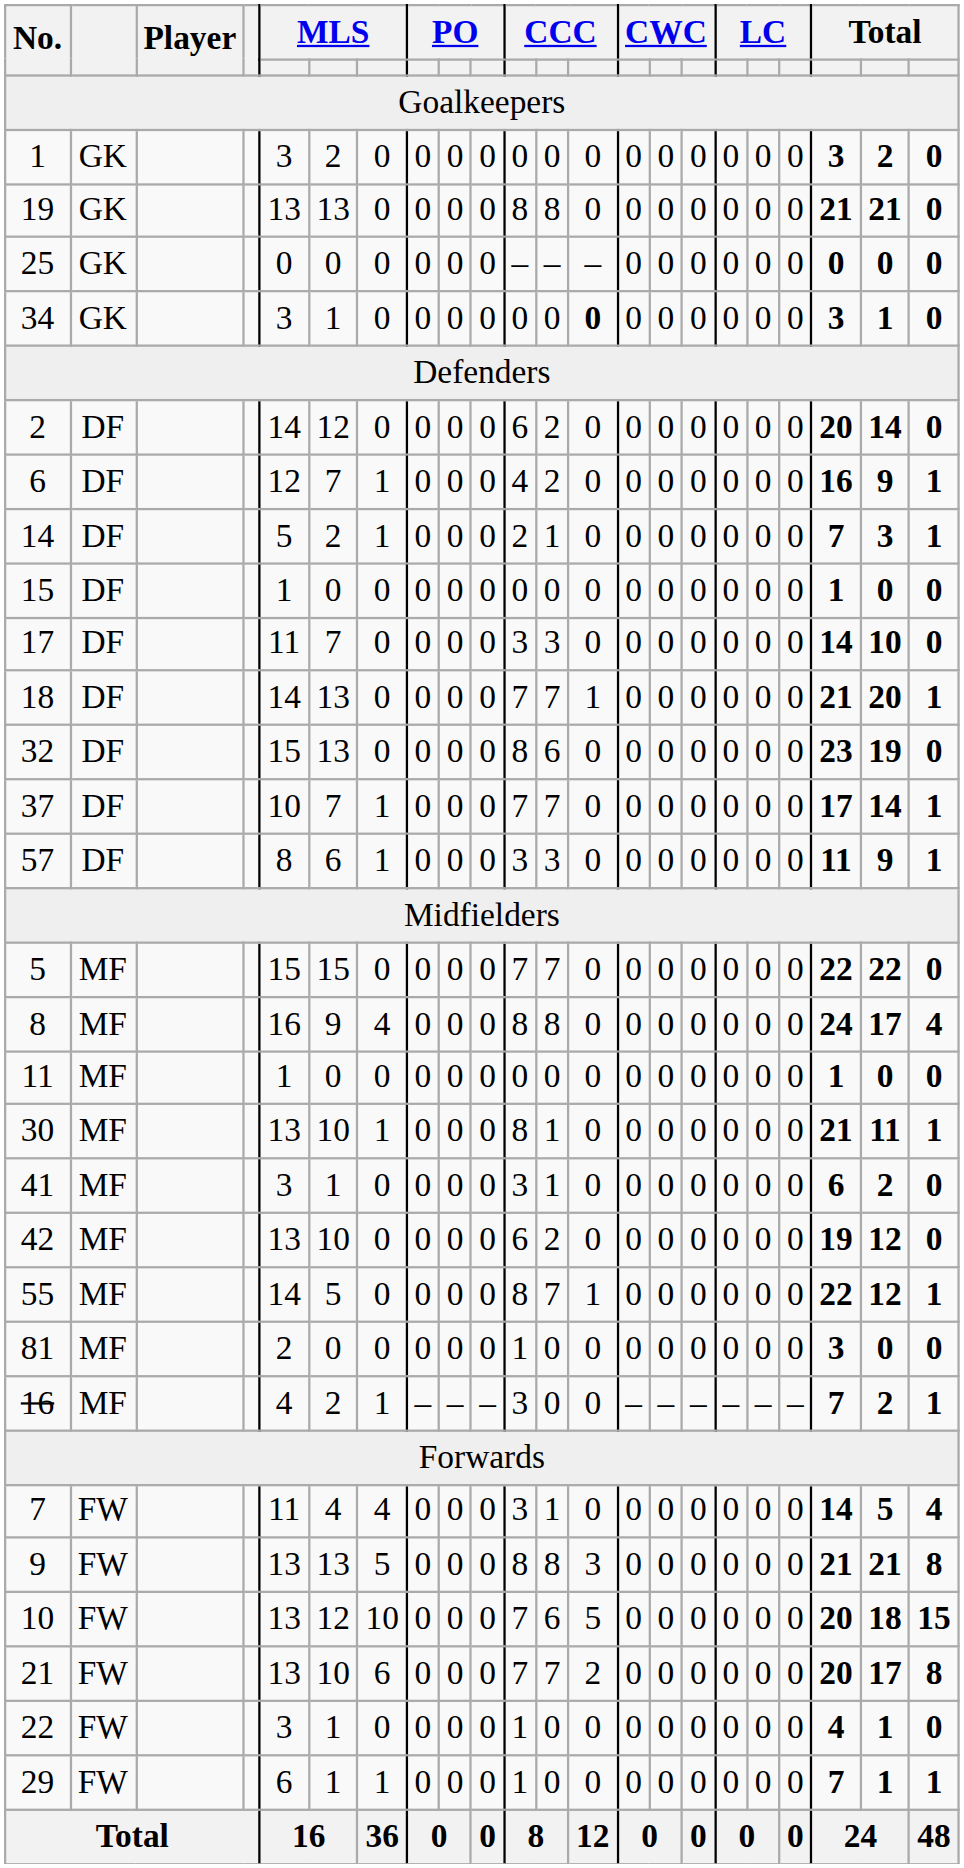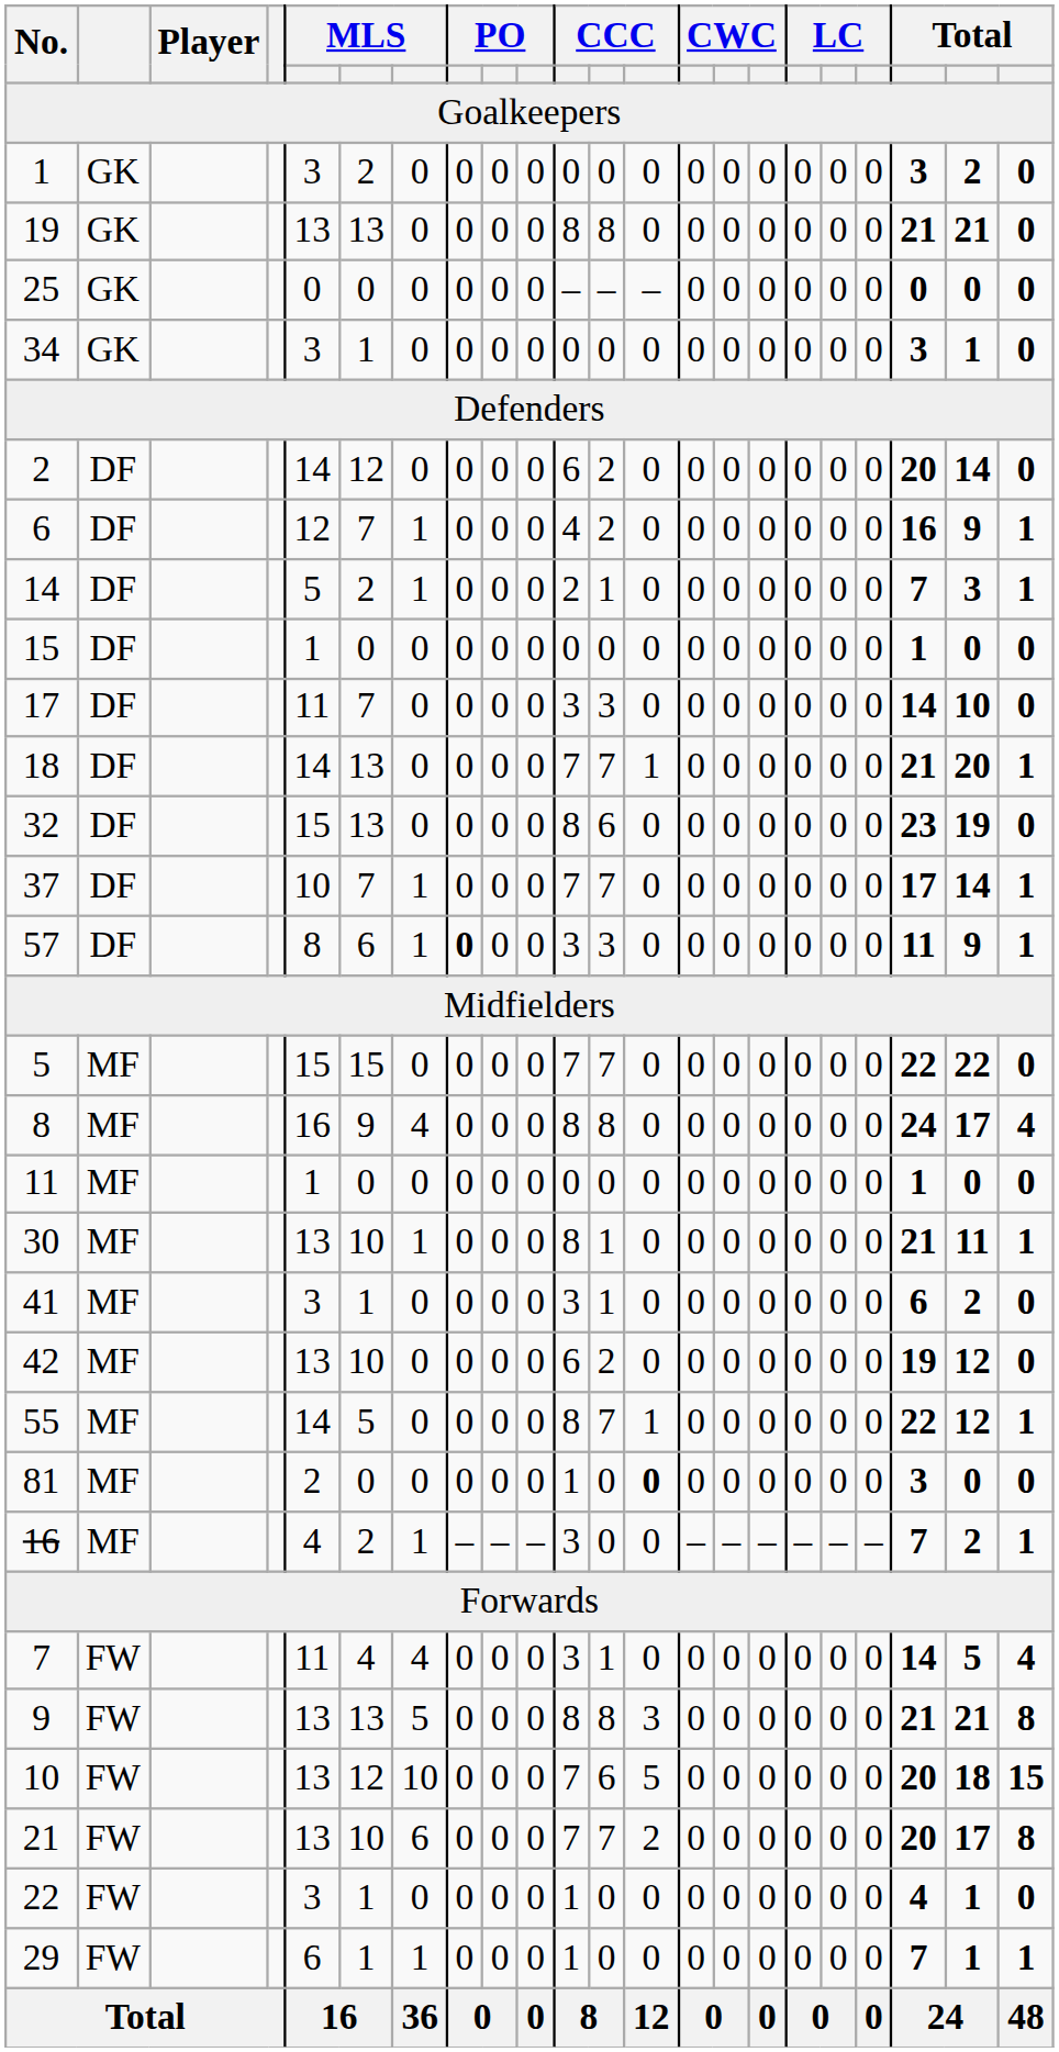 <table class="wikitable mw-datatable sortable nowrap" style="text-align:center; font-size:92%;">
 <tr>
 <th rowspan="2">No.</th>
 <th rowspan="2"></th>
 <th rowspan="2">Player</th>
 <th rowspan="2" style="border-right: 1pt black solid"></th>
 <th colspan="3" style="border-right: 1pt black solid"><a href='#'>MLS</a></th>
 <th colspan="3" style="border-right: 1pt black solid"><a href='#'>PO</a></th>
 <th colspan="3" style="border-right: 1pt black solid"><a href='#'>CCC</a></th>
 <th colspan="3" style="border-right: 1pt black solid"><a href='#'>CWC</a></th>
 <th colspan="3" style="border-right: 1pt black solid"><a href='#'>LC</a></th>
 <th colspan="3">Total</th>
 </tr>
 <tr>
 <th></th>
 <th></th>
 <th style="border-right: 1pt black solid"></th>
 <th></th>
 <th></th>
 <th style="border-right: 1pt black solid"></th>
 <th></th>
 <th></th>
 <th style="border-right: 1pt black solid"></th>
 <th></th>
 <th></th>
 <th style="border-right: 1pt black solid"></th>
 <th></th>
 <th></th>
 <th style="border-right: 1pt black solid"></th>
 <th></th>
 <th></th>
 <th></th>
 </tr>
 <tr bgcolor=efefef class="sortbottom">
 <td colspan="22">Goalkeepers</td>
 </tr>
 <tr>
 <td>1</td>
 <td>GK</td>
 <td style="text-align:left"></td>
 <td style="border-right: 1pt black solid"></td>
 <td>3</td>
 <td>2</td>
 <td style="border-right: 1pt black solid">0</td>
 <td>0</td>
 <td>0</td>
 <td style="border-right: 1pt black solid">0</td>
 <td>0</td>
 <td>0</td>
 <td style="border-right: 1pt black solid">0</td>
 <td>0</td>
 <td>0</td>
 <td style="border-right: 1pt black solid">0</td>
 <td>0</td>
 <td>0</td>
 <td style="border-right: 1pt black solid">0</td>
 <td><strong>3</strong></td>
 <td><strong>2</strong></td>
 <td><strong>0</strong></td>
 </tr>
 <tr>
 <td>19</td>
 <td>GK</td>
 <td style="text-align:left"></td>
 <td style="border-right: 1pt black solid"></td>
 <td>13</td>
 <td>13</td>
 <td style="border-right: 1pt black solid">0</td>
 <td>0</td>
 <td>0</td>
 <td style="border-right: 1pt black solid">0</td>
 <td>8</td>
 <td>8</td>
 <td style="border-right: 1pt black solid">0</td>
 <td>0</td>
 <td>0</td>
 <td style="border-right: 1pt black solid">0</td>
 <td>0</td>
 <td>0</td>
 <td style="border-right: 1pt black solid">0</td>
 <td><strong>21</strong></td>
 <td><strong>21</strong></td>
 <td><strong>0</strong></td>
 </tr>
 <tr>
 <td>25</td>
 <td>GK</td>
 <td style="text-align:left"></td>
 <td style="border-right: 1pt black solid"></td>
 <td>0</td>
 <td>0</td>
 <td style="border-right: 1pt black solid">0</td>
 <td>0</td>
 <td>0</td>
 <td style="border-right: 1pt black solid">0</td>
 <td>–</td>
 <td>–</td>
 <td style="border-right: 1pt black solid">–</td>
 <td>0</td>
 <td>0</td>
 <td style="border-right: 1pt black solid">0</td>
 <td>0</td>
 <td>0</td>
 <td style="border-right: 1pt black solid">0</td>
 <td><strong>0</strong></td>
 <td><strong>0</strong></td>
 <td><strong>0</strong></td>
 </tr>
 <tr>
 <td>34</td>
 <td>GK</td>
 <td style="text-align:left"></td>
 <td style="border-right: 1pt black solid"></td>
 <td>3</td>
 <td>1</td>
 <td style="border-right: 1pt black solid">0</td>
 <td>0</td>
 <td>0</td>
 <td style="border-right: 1pt black solid">0</td>
 <td>0</td>
 <td>0</td>
-<td style="border-right: 1pt black solid"><strong>0</strong></td>
+<td style="border-right: 1pt black solid">0</td>
 <td>0</td>
 <td>0</td>
 <td style="border-right: 1pt black solid">0</td>
 <td>0</td>
 <td>0</td>
 <td style="border-right: 1pt black solid">0</td>
 <td><strong>3</strong></td>
 <td><strong>1</strong></td>
 <td><strong>0</strong></td>
 </tr>
 <tr bgcolor=efefef class="sortbottom">
 <td colspan="22">Defenders</td>
 </tr>
 <tr>
 <td>2</td>
 <td>DF</td>
 <td style="text-align:left"></td>
 <td style="border-right: 1pt black solid"></td>
 <td>14</td>
 <td>12</td>
 <td style="border-right: 1pt black solid">0</td>
 <td>0</td>
 <td>0</td>
 <td style="border-right: 1pt black solid">0</td>
 <td>6</td>
 <td>2</td>
 <td style="border-right: 1pt black solid">0</td>
 <td>0</td>
 <td>0</td>
 <td style="border-right: 1pt black solid">0</td>
 <td>0</td>
 <td>0</td>
 <td style="border-right: 1pt black solid">0</td>
 <td><strong>20</strong></td>
 <td><strong>14</strong></td>
 <td><strong>0</strong></td>
 </tr>
 <tr>
 <td>6</td>
 <td>DF</td>
 <td style="text-align:left"></td>
 <td style="border-right: 1pt black solid"></td>
 <td>12</td>
 <td>7</td>
 <td style="border-right: 1pt black solid">1</td>
 <td>0</td>
 <td>0</td>
 <td style="border-right: 1pt black solid">0</td>
 <td>4</td>
 <td>2</td>
 <td style="border-right: 1pt black solid">0</td>
 <td>0</td>
 <td>0</td>
 <td style="border-right: 1pt black solid">0</td>
 <td>0</td>
 <td>0</td>
 <td style="border-right: 1pt black solid">0</td>
 <td><strong>16</strong></td>
 <td><strong>9</strong></td>
 <td><strong>1</strong></td>
 </tr>
 <tr>
 <td>14</td>
 <td>DF</td>
 <td style="text-align:left"></td>
 <td style="border-right: 1pt black solid"></td>
 <td>5</td>
 <td>2</td>
 <td style="border-right: 1pt black solid">1</td>
 <td>0</td>
 <td>0</td>
 <td style="border-right: 1pt black solid">0</td>
 <td>2</td>
 <td>1</td>
 <td style="border-right: 1pt black solid">0</td>
 <td>0</td>
 <td>0</td>
 <td style="border-right: 1pt black solid">0</td>
 <td>0</td>
 <td>0</td>
 <td style="border-right: 1pt black solid">0</td>
 <td><strong>7</strong></td>
 <td><strong>3</strong></td>
 <td><strong>1</strong></td>
 </tr>
 <tr>
 <td>15</td>
 <td>DF</td>
 <td style="text-align:left"></td>
 <td style="border-right: 1pt black solid"></td>
 <td>1</td>
 <td>0</td>
 <td style="border-right: 1pt black solid">0</td>
 <td>0</td>
 <td>0</td>
 <td style="border-right: 1pt black solid">0</td>
 <td>0</td>
 <td>0</td>
 <td style="border-right: 1pt black solid">0</td>
 <td>0</td>
 <td>0</td>
 <td style="border-right: 1pt black solid">0</td>
 <td>0</td>
 <td>0</td>
 <td style="border-right: 1pt black solid">0</td>
 <td><strong>1</strong></td>
 <td><strong>0</strong></td>
 <td><strong>0</strong></td>
 </tr>
 <tr>
 <td>17</td>
 <td>DF</td>
 <td style="text-align:left"></td>
 <td style="border-right: 1pt black solid"></td>
 <td>11</td>
 <td>7</td>
 <td style="border-right: 1pt black solid">0</td>
 <td>0</td>
 <td>0</td>
 <td style="border-right: 1pt black solid">0</td>
 <td>3</td>
 <td>3</td>
 <td style="border-right: 1pt black solid">0</td>
 <td>0</td>
 <td>0</td>
 <td style="border-right: 1pt black solid">0</td>
 <td>0</td>
 <td>0</td>
 <td style="border-right: 1pt black solid">0</td>
 <td><strong>14</strong></td>
 <td><strong>10</strong></td>
 <td><strong>0</strong></td>
 </tr>
 <tr>
 <td>18</td>
 <td>DF</td>
 <td style="text-align:left"></td>
 <td style="border-right: 1pt black solid"></td>
 <td>14</td>
 <td>13</td>
 <td style="border-right: 1pt black solid">0</td>
 <td>0</td>
 <td>0</td>
 <td style="border-right: 1pt black solid">0</td>
 <td>7</td>
 <td>7</td>
 <td style="border-right: 1pt black solid">1</td>
 <td>0</td>
 <td>0</td>
 <td style="border-right: 1pt black solid">0</td>
 <td>0</td>
 <td>0</td>
 <td style="border-right: 1pt black solid">0</td>
 <td><strong>21</strong></td>
 <td><strong>20</strong></td>
 <td><strong>1</strong></td>
 </tr>
 <tr>
 <td>32</td>
 <td>DF</td>
 <td style="text-align:left"></td>
 <td style="border-right: 1pt black solid"></td>
 <td>15</td>
 <td>13</td>
 <td style="border-right: 1pt black solid">0</td>
 <td>0</td>
 <td>0</td>
 <td style="border-right: 1pt black solid">0</td>
 <td>8</td>
 <td>6</td>
 <td style="border-right: 1pt black solid">0</td>
 <td>0</td>
 <td>0</td>
 <td style="border-right: 1pt black solid">0</td>
 <td>0</td>
 <td>0</td>
 <td style="border-right: 1pt black solid">0</td>
 <td><strong>23</strong></td>
 <td><strong>19</strong></td>
 <td><strong>0</strong></td>
 </tr>
 <tr>
 <td>37</td>
 <td>DF</td>
 <td style="text-align:left"></td>
 <td style="border-right: 1pt black solid"></td>
 <td>10</td>
 <td>7</td>
 <td style="border-right: 1pt black solid">1</td>
 <td>0</td>
 <td>0</td>
 <td style="border-right: 1pt black solid">0</td>
 <td>7</td>
 <td>7</td>
 <td style="border-right: 1pt black solid">0</td>
 <td>0</td>
 <td>0</td>
 <td style="border-right: 1pt black solid">0</td>
 <td>0</td>
 <td>0</td>
 <td style="border-right: 1pt black solid">0</td>
 <td><strong>17</strong></td>
 <td><strong>14</strong></td>
 <td><strong>1</strong></td>
 </tr>
 <tr>
 <td>57</td>
 <td>DF</td>
 <td style="text-align:left"></td>
 <td style="border-right: 1pt black solid"></td>
 <td>8</td>
 <td>6</td>
 <td style="border-right: 1pt black solid">1</td>
-<td>0</td>
+<td><strong>0</strong></td>
 <td>0</td>
 <td style="border-right: 1pt black solid">0</td>
 <td>3</td>
 <td>3</td>
 <td style="border-right: 1pt black solid">0</td>
 <td>0</td>
 <td>0</td>
 <td style="border-right: 1pt black solid">0</td>
 <td>0</td>
 <td>0</td>
 <td style="border-right: 1pt black solid">0</td>
 <td><strong>11</strong></td>
 <td><strong>9</strong></td>
 <td><strong>1</strong></td>
 </tr>
 <tr bgcolor=efefef class="sortbottom">
 <td colspan="22">Midfielders</td>
 </tr>
 <tr>
 <td>5</td>
 <td>MF</td>
 <td style="text-align:left"></td>
 <td style="border-right: 1pt black solid"></td>
 <td>15</td>
 <td>15</td>
 <td style="border-right: 1pt black solid">0</td>
 <td>0</td>
 <td>0</td>
 <td style="border-right: 1pt black solid">0</td>
 <td>7</td>
 <td>7</td>
 <td style="border-right: 1pt black solid">0</td>
 <td>0</td>
 <td>0</td>
 <td style="border-right: 1pt black solid">0</td>
 <td>0</td>
 <td>0</td>
 <td style="border-right: 1pt black solid">0</td>
 <td><strong>22</strong></td>
 <td><strong>22</strong></td>
 <td><strong>0</strong></td>
 </tr>
 <tr>
 <td>8</td>
 <td>MF</td>
 <td style="text-align:left"></td>
 <td style="border-right: 1pt black solid"></td>
 <td>16</td>
 <td>9</td>
 <td style="border-right: 1pt black solid">4</td>
 <td>0</td>
 <td>0</td>
 <td style="border-right: 1pt black solid">0</td>
 <td>8</td>
 <td>8</td>
 <td style="border-right: 1pt black solid">0</td>
 <td>0</td>
 <td>0</td>
 <td style="border-right: 1pt black solid">0</td>
 <td>0</td>
 <td>0</td>
 <td style="border-right: 1pt black solid">0</td>
 <td><strong>24</strong></td>
 <td><strong>17</strong></td>
 <td><strong>4</strong></td>
 </tr>
 <tr>
 <td>11</td>
 <td>MF</td>
 <td style="text-align:left"></td>
 <td style="border-right: 1pt black solid"></td>
 <td>1</td>
 <td>0</td>
 <td style="border-right: 1pt black solid">0</td>
 <td>0</td>
 <td>0</td>
 <td style="border-right: 1pt black solid">0</td>
 <td>0</td>
 <td>0</td>
 <td style="border-right: 1pt black solid">0</td>
 <td>0</td>
 <td>0</td>
 <td style="border-right: 1pt black solid">0</td>
 <td>0</td>
 <td>0</td>
 <td style="border-right: 1pt black solid">0</td>
 <td><strong>1</strong></td>
 <td><strong>0</strong></td>
 <td><strong>0</strong></td>
 </tr>
 <tr>
 <td>30</td>
 <td>MF</td>
 <td style="text-align:left"></td>
 <td style="border-right: 1pt black solid"></td>
 <td>13</td>
 <td>10</td>
 <td style="border-right: 1pt black solid">1</td>
 <td>0</td>
 <td>0</td>
 <td style="border-right: 1pt black solid">0</td>
 <td>8</td>
 <td>1</td>
 <td style="border-right: 1pt black solid">0</td>
 <td>0</td>
 <td>0</td>
 <td style="border-right: 1pt black solid">0</td>
 <td>0</td>
 <td>0</td>
 <td style="border-right: 1pt black solid">0</td>
 <td><strong>21</strong></td>
 <td><strong>11</strong></td>
 <td><strong>1</strong></td>
 </tr>
 <tr>
 <td>41</td>
 <td>MF</td>
 <td style="text-align:left"></td>
 <td style="border-right: 1pt black solid"></td>
 <td>3</td>
 <td>1</td>
 <td style="border-right: 1pt black solid">0</td>
 <td>0</td>
 <td>0</td>
 <td style="border-right: 1pt black solid">0</td>
 <td>3</td>
 <td>1</td>
 <td style="border-right: 1pt black solid">0</td>
 <td>0</td>
 <td>0</td>
 <td style="border-right: 1pt black solid">0</td>
 <td>0</td>
 <td>0</td>
 <td style="border-right: 1pt black solid">0</td>
 <td><strong>6</strong></td>
 <td><strong>2</strong></td>
 <td><strong>0</strong></td>
 </tr>
 <tr>
 <td>42</td>
 <td>MF</td>
 <td style="text-align:left"></td>
 <td style="border-right: 1pt black solid"></td>
 <td>13</td>
 <td>10</td>
 <td style="border-right: 1pt black solid">0</td>
 <td>0</td>
 <td>0</td>
 <td style="border-right: 1pt black solid">0</td>
 <td>6</td>
 <td>2</td>
 <td style="border-right: 1pt black solid">0</td>
 <td>0</td>
 <td>0</td>
 <td style="border-right: 1pt black solid">0</td>
 <td>0</td>
 <td>0</td>
 <td style="border-right: 1pt black solid">0</td>
 <td><strong>19</strong></td>
 <td><strong>12</strong></td>
 <td><strong>0</strong></td>
 </tr>
 <tr>
 <td>55</td>
 <td>MF</td>
 <td style="text-align:left"></td>
 <td style="border-right: 1pt black solid"></td>
 <td>14</td>
 <td>5</td>
 <td style="border-right: 1pt black solid">0</td>
 <td>0</td>
 <td>0</td>
 <td style="border-right: 1pt black solid">0</td>
 <td>8</td>
 <td>7</td>
 <td style="border-right: 1pt black solid">1</td>
 <td>0</td>
 <td>0</td>
 <td style="border-right: 1pt black solid">0</td>
 <td>0</td>
 <td>0</td>
 <td style="border-right: 1pt black solid">0</td>
 <td><strong>22</strong></td>
 <td><strong>12</strong></td>
 <td><strong>1</strong></td>
 </tr>
 <tr>
 <td>81</td>
 <td>MF</td>
 <td style="text-align:left"></td>
 <td style="border-right: 1pt black solid"></td>
 <td>2</td>
 <td>0</td>
 <td style="border-right: 1pt black solid">0</td>
 <td>0</td>
 <td>0</td>
 <td style="border-right: 1pt black solid">0</td>
 <td>1</td>
 <td>0</td>
-<td style="border-right: 1pt black solid">0</td>
+<td style="border-right: 1pt black solid"><strong>0</strong></td>
 <td>0</td>
 <td>0</td>
 <td style="border-right: 1pt black solid">0</td>
 <td>0</td>
 <td>0</td>
 <td style="border-right: 1pt black solid">0</td>
 <td><strong>3</strong></td>
 <td><strong>0</strong></td>
 <td><strong>0</strong></td>
 </tr>
 <tr>
 <td><s>16</s></td>
 <td>MF</td>
 <td style="text-align:left"></td>
 <td style="border-right: 1pt black solid"></td>
 <td>4</td>
 <td>2</td>
 <td style="border-right: 1pt black solid">1</td>
 <td>–</td>
 <td>–</td>
 <td style="border-right: 1pt black solid">–</td>
 <td>3</td>
 <td>0</td>
 <td style="border-right: 1pt black solid">0</td>
 <td>–</td>
 <td>–</td>
 <td style="border-right: 1pt black solid">–</td>
 <td>–</td>
 <td>–</td>
 <td style="border-right: 1pt black solid">–</td>
 <td><strong>7</strong></td>
 <td><strong>2</strong></td>
 <td><strong>1</strong></td>
 </tr>
 <tr bgcolor=efefef class="sortbottom">
 <td colspan="22">Forwards</td>
 </tr>
 <tr>
 <td>7</td>
 <td>FW</td>
 <td style="text-align:left"></td>
 <td style="border-right: 1pt black solid"></td>
 <td>11</td>
 <td>4</td>
 <td style="border-right: 1pt black solid">4</td>
 <td>0</td>
 <td>0</td>
 <td style="border-right: 1pt black solid">0</td>
 <td>3</td>
 <td>1</td>
 <td style="border-right: 1pt black solid">0</td>
 <td>0</td>
 <td>0</td>
 <td style="border-right: 1pt black solid">0</td>
 <td>0</td>
 <td>0</td>
 <td style="border-right: 1pt black solid">0</td>
 <td><strong>14</strong></td>
 <td><strong>5</strong></td>
 <td><strong>4</strong></td>
 </tr>
 <tr>
 <td>9</td>
 <td>FW</td>
 <td style="text-align:left"></td>
 <td style="border-right: 1pt black solid"></td>
 <td>13</td>
 <td>13</td>
 <td style="border-right: 1pt black solid">5</td>
 <td>0</td>
 <td>0</td>
 <td style="border-right: 1pt black solid">0</td>
 <td>8</td>
 <td>8</td>
 <td style="border-right: 1pt black solid">3</td>
 <td>0</td>
 <td>0</td>
 <td style="border-right: 1pt black solid">0</td>
 <td>0</td>
 <td>0</td>
 <td style="border-right: 1pt black solid">0</td>
 <td><strong>21</strong></td>
 <td><strong>21</strong></td>
 <td><strong>8</strong></td>
 </tr>
 <tr>
 <td>10</td>
 <td>FW</td>
 <td style="text-align:left"></td>
 <td style="border-right: 1pt black solid"></td>
 <td>13</td>
 <td>12</td>
 <td style="border-right: 1pt black solid">10</td>
 <td>0</td>
 <td>0</td>
 <td style="border-right: 1pt black solid">0</td>
 <td>7</td>
 <td>6</td>
 <td style="border-right: 1pt black solid">5</td>
 <td>0</td>
 <td>0</td>
 <td style="border-right: 1pt black solid">0</td>
 <td>0</td>
 <td>0</td>
 <td style="border-right: 1pt black solid">0</td>
 <td><strong>20</strong></td>
 <td><strong>18</strong></td>
 <td><strong>15</strong></td>
 </tr>
 <tr>
 <td>21</td>
 <td>FW</td>
 <td style="text-align:left"></td>
 <td style="border-right: 1pt black solid"></td>
 <td>13</td>
 <td>10</td>
 <td style="border-right: 1pt black solid">6</td>
 <td>0</td>
 <td>0</td>
 <td style="border-right: 1pt black solid">0</td>
 <td>7</td>
 <td>7</td>
 <td style="border-right: 1pt black solid">2</td>
 <td>0</td>
 <td>0</td>
 <td style="border-right: 1pt black solid">0</td>
 <td>0</td>
 <td>0</td>
 <td style="border-right: 1pt black solid">0</td>
 <td><strong>20</strong></td>
 <td><strong>17</strong></td>
 <td><strong>8</strong></td>
 </tr>
 <tr>
 <td>22</td>
 <td>FW</td>
 <td style="text-align:left"></td>
 <td style="border-right: 1pt black solid"></td>
 <td>3</td>
 <td>1</td>
 <td style="border-right: 1pt black solid">0</td>
 <td>0</td>
 <td>0</td>
 <td style="border-right: 1pt black solid">0</td>
 <td>1</td>
 <td>0</td>
 <td style="border-right: 1pt black solid">0</td>
 <td>0</td>
 <td>0</td>
 <td style="border-right: 1pt black solid">0</td>
 <td>0</td>
 <td>0</td>
 <td style="border-right: 1pt black solid">0</td>
 <td><strong>4</strong></td>
 <td><strong>1</strong></td>
 <td><strong>0</strong></td>
 </tr>
 <tr>
 <td>29</td>
 <td>FW</td>
 <td style="text-align:left"></td>
 <td style="border-right: 1pt black solid"></td>
 <td>6</td>
 <td>1</td>
 <td style="border-right: 1pt black solid">1</td>
 <td>0</td>
 <td>0</td>
 <td style="border-right: 1pt black solid">0</td>
 <td>1</td>
 <td>0</td>
 <td style="border-right: 1pt black solid">0</td>
 <td>0</td>
 <td>0</td>
 <td style="border-right: 1pt black solid">0</td>
 <td>0</td>
 <td>0</td>
 <td style="border-right: 1pt black solid">0</td>
 <td><strong>7</strong></td>
 <td><strong>1</strong></td>
 <td><strong>1</strong></td>
 </tr>
 <tr class="sortbottom">
 <th colspan=4 style="border-right: 1pt black solid">Total</th>
 <th colspan=2>16</th>
 <th style="border-right: 1pt black solid">36</th>
 <th colspan=2>0</th>
 <th style="border-right: 1pt black solid">0</th>
 <th colspan=2>8</th>
 <th style="border-right: 1pt black solid">12</th>
 <th colspan=2>0</th>
 <th style="border-right: 1pt black solid">0</th>
 <th colspan=2>0</th>
 <th style="border-right: 1pt black solid">0</th>
 <th colspan=2>24</th>
 <th>48</th>
 </tr>
 </table>
